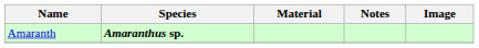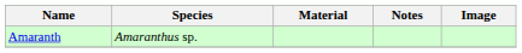 <table class="wikitable" align="center" width="100%" style="background:#D1FFCF;">
 <tr>
 <th>Name</th>
 <th>Species</th>
 <th>Material</th>
 <th>Notes</th>
 <th>Image</th>
 </tr>
 <tr>
 <td><a href='#'>Amaranth</a></td>
-<td><strong><em>Amaranthus</em> sp.</strong></td>
+<td><em>Amaranthus</em> sp.</td>
 <td></td>
 <td></td>
 <td></td>
 </tr>
 <tr>
 </tr>
 </table>
